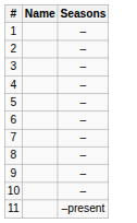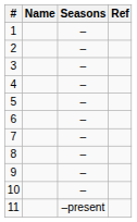 <table class="wikitable" style="text-align:center">
 <tr>
 <th class="unsortable">#</th>
 <th>Name</th>
 <th>Seasons</th>
+<th class="unsortable">Ref</th>
 </tr>
 <tr>
 <td>1</td>
 <td></td>
 <td>–</td>
+<td></td>
 </tr>
 <tr>
 <td>2</td>
 <td></td>
 <td>–</td>
+<td></td>
 </tr>
 <tr>
 <td>3</td>
 <td></td>
 <td>–</td>
+<td></td>
 </tr>
 <tr>
 <td>4</td>
 <td></td>
 <td>–</td>
+<td></td>
 </tr>
 <tr>
 <td>5</td>
 <td></td>
 <td>–</td>
+<td></td>
 </tr>
 <tr>
 <td>6</td>
 <td></td>
 <td>–</td>
+<td></td>
 </tr>
 <tr>
 <td>7</td>
 <td></td>
 <td>–</td>
+<td></td>
 </tr>
 <tr>
 <td>8</td>
 <td></td>
 <td>–</td>
+<td></td>
 </tr>
 <tr>
 <td>9</td>
 <td></td>
 <td>–</td>
+<td></td>
 </tr>
 <tr>
 <td>10</td>
 <td></td>
 <td>–</td>
+<td></td>
 </tr>
 <tr>
 <td>11</td>
 <td></td>
 <td>–present</td>
+<td></td>
 </tr>
 </table>
